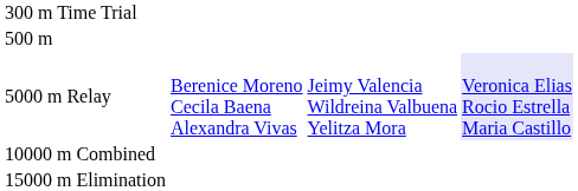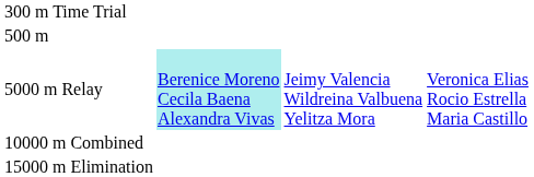 <table>
 <tr>
 <td>300 m Time Trial</td>
 <td></td>
 <td></td>
 <td></td>
 </tr>
 <tr>
 <td>500 m</td>
 <td></td>
 <td></td>
 <td></td>
 </tr>
 <tr>
 <td>5000 m Relay</td>
-<td><br><a href='#'>Berenice Moreno</a><br><a href='#'>Cecila Baena</a><br><a href='#'>Alexandra Vivas</a></td>
+<td style="background: paleturquoise;"><br><a href='#'>Berenice Moreno</a><br><a href='#'>Cecila Baena</a><br><a href='#'>Alexandra Vivas</a></td>
 <td><br><a href='#'>Jeimy Valencia</a><br><a href='#'>Wildreina Valbuena</a><br><a href='#'>Yelitza Mora</a></td>
-<td style="background: lavender;"><br><a href='#'>Veronica Elias</a><br><a href='#'>Rocio Estrella</a><br><a href='#'>Maria Castillo</a></td>
+<td><br><a href='#'>Veronica Elias</a><br><a href='#'>Rocio Estrella</a><br><a href='#'>Maria Castillo</a></td>
 </tr>
 <tr>
 <td>10000 m Combined</td>
 <td></td>
 <td></td>
 <td></td>
 </tr>
 <tr>
 <td>15000 m Elimination</td>
 <td></td>
 <td></td>
 <td></td>
 </tr>
 </table>
